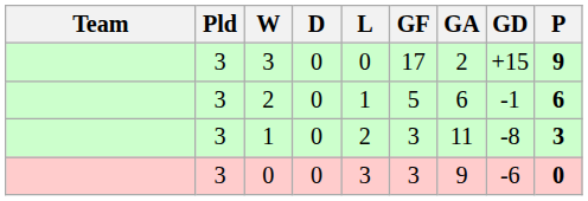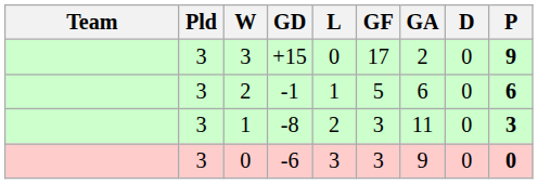 <table class="wikitable">
 <tr>
 <th width=120>Team</th>
 <th width=25>Pld</th>
 <th width=25>W</th>
-<th width=25>D</th>
+<th width=25>GD</th>
 <th width=25>L</th>
 <th width=25>GF</th>
 <th width=25>GA</th>
-<th width=25>GD</th>
+<th width=25>D</th>
 <th width=25>P</th>
 </tr>
 <tr align=center bgcolor=#ccffcc>
 <td align=left></td>
 <td>3</td>
 <td>3</td>
-<td>0</td>
+<td>+15</td>
 <td>0</td>
 <td>17</td>
 <td>2</td>
-<td>+15</td>
+<td>0</td>
 <td><strong>9</strong></td>
 </tr>
 <tr align=center bgcolor=#ccffcc>
 <td align=left></td>
 <td>3</td>
 <td>2</td>
-<td>0</td>
+<td>-1</td>
 <td>1</td>
 <td>5</td>
 <td>6</td>
-<td>-1</td>
+<td>0</td>
 <td><strong>6</strong></td>
 </tr>
 <tr align=center bgcolor=#ccffcc>
 <td align=left></td>
 <td>3</td>
 <td>1</td>
-<td>0</td>
+<td>-8</td>
 <td>2</td>
 <td>3</td>
 <td>11</td>
-<td>-8</td>
+<td>0</td>
 <td><strong>3</strong></td>
 </tr>
 <tr align=center bgcolor=#ffcccc>
 <td align=left></td>
 <td>3</td>
 <td>0</td>
-<td>0</td>
+<td>-6</td>
 <td>3</td>
 <td>3</td>
 <td>9</td>
-<td>-6</td>
+<td>0</td>
 <td><strong>0</strong></td>
 </tr>
 </table>
